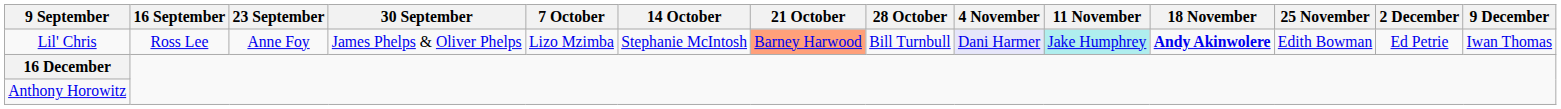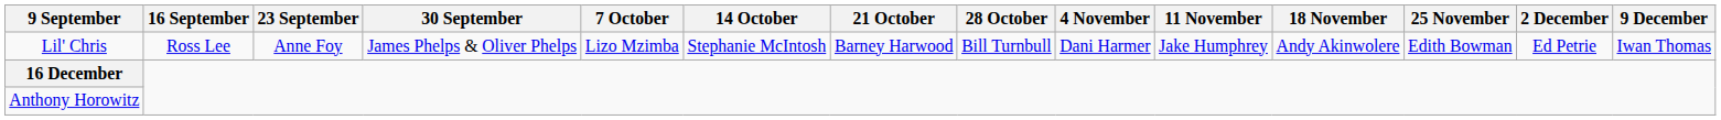 <table class="wikitable" style="font-size:100%; text-align:center; width: 100%; margin-left: auto; margin-right: auto;">
 <tr>
 <th>9 September</th>
 <th>16 September</th>
 <th>23 September</th>
 <th>30 September</th>
 <th>7 October</th>
 <th>14 October</th>
 <th>21 October</th>
 <th>28 October</th>
 <th>4 November</th>
 <th>11 November</th>
 <th>18 November</th>
 <th>25 November</th>
 <th>2 December</th>
 <th>9 December</th>
 </tr>
 <tr>
 <td><a href='#'>Lil' Chris</a></td>
 <td><a href='#'>Ross Lee</a></td>
 <td><a href='#'>Anne Foy</a></td>
 <td><a href='#'>James Phelps</a> & <a href='#'>Oliver Phelps</a></td>
 <td><a href='#'>Lizo Mzimba</a></td>
 <td><a href='#'>Stephanie McIntosh</a></td>
-<td style="background: lightsalmon;"><a href='#'>Barney Harwood</a></td>
+<td><a href='#'>Barney Harwood</a></td>
 <td><a href='#'>Bill Turnbull</a></td>
-<td style="background: lavender;"><a href='#'>Dani Harmer</a></td>
-<td style="background: paleturquoise;"><a href='#'>Jake Humphrey</a></td>
-<td><strong><a href='#'>Andy Akinwolere</a></strong></td>
+<td><a href='#'>Dani Harmer</a></td>
+<td><a href='#'>Jake Humphrey</a></td>
+<td><a href='#'>Andy Akinwolere</a></td>
 <td><a href='#'>Edith Bowman</a></td>
 <td><a href='#'>Ed Petrie</a></td>
 <td><a href='#'>Iwan Thomas</a></td>
 </tr>
 <tr>
 <th>16 December</th>
 </tr>
 <tr>
 <td><a href='#'>Anthony Horowitz</a></td>
 </tr>
 </table>
